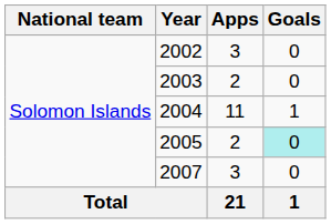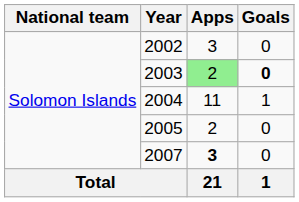 <table class="wikitable" style="text-align:center">
 <tr>
 <th>National team</th>
 <th>Year</th>
 <th>Apps</th>
 <th>Goals</th>
 </tr>
 <tr>
 <td rowspan="5"><a href='#'>Solomon Islands</a></td>
 <td>2002</td>
 <td>3</td>
 <td>0</td>
 </tr>
 <tr>
 <td>2003</td>
-<td>2</td>
-<td>0</td>
+<td style="background: lightgreen;">2</td>
+<td><strong>0</strong></td>
 </tr>
 <tr>
 <td>2004</td>
 <td>11</td>
 <td>1</td>
 </tr>
 <tr>
 <td>2005</td>
 <td>2</td>
-<td style="background: paleturquoise;">0</td>
+<td>0</td>
 </tr>
 <tr>
 <td>2007</td>
-<td>3</td>
+<td><strong>3</strong></td>
 <td>0</td>
 </tr>
 <tr>
 <th colspan="2">Total</th>
 <th>21</th>
 <th>1</th>
 </tr>
 </table>
